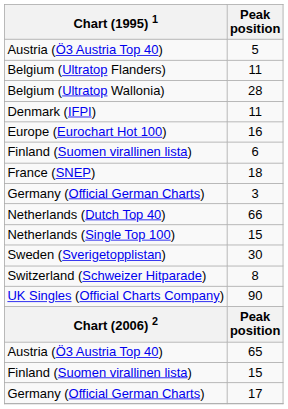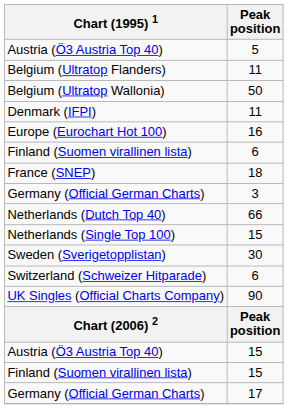 <table class="wikitable sortable">
 <tr>
 <th>Chart (1995) <sup>1</sup></th>
 <th>Peak<br>position</th>
 </tr>
 <tr>
 <td>Austria (<a href='#'>Ö3 Austria Top 40</a>)</td>
 <td align="center">5</td>
 </tr>
 <tr>
 <td>Belgium (<a href='#'>Ultratop</a> Flanders)</td>
 <td align="center">11</td>
 </tr>
 <tr>
 <td>Belgium (<a href='#'>Ultratop</a> Wallonia)</td>
-<td align="center">28</td>
+<td align="center">50</td>
 </tr>
 <tr>
 <td>Denmark (<a href='#'>IFPI</a>)</td>
 <td align="center">11</td>
 </tr>
 <tr>
 <td>Europe (<a href='#'>Eurochart Hot 100</a>)</td>
 <td align="center">16</td>
 </tr>
 <tr>
 <td>Finland (<a href='#'>Suomen virallinen lista</a>)</td>
 <td align="center">6</td>
 </tr>
 <tr>
 <td>France (<a href='#'>SNEP</a>)</td>
 <td align="center">18</td>
 </tr>
 <tr>
 <td>Germany (<a href='#'>Official German Charts</a>)</td>
 <td align="center">3</td>
 </tr>
 <tr>
 <td>Netherlands (<a href='#'>Dutch Top 40</a>)</td>
 <td align="center">66</td>
 </tr>
 <tr>
 <td>Netherlands (<a href='#'>Single Top 100</a>)</td>
 <td align="center">15</td>
 </tr>
 <tr>
 <td>Sweden (<a href='#'>Sverigetopplistan</a>)</td>
 <td align="center">30</td>
 </tr>
 <tr>
 <td>Switzerland (<a href='#'>Schweizer Hitparade</a>)</td>
-<td align="center">8</td>
+<td align="center">6</td>
 </tr>
 <tr>
 <td><a href='#'>UK Singles</a> (<a href='#'>Official Charts Company</a>)</td>
 <td align="center">90</td>
 </tr>
 <tr>
 <th>Chart (2006) <sup>2</sup></th>
 <th>Peak<br>position</th>
 </tr>
 <tr>
 <td>Austria (<a href='#'>Ö3 Austria Top 40</a>)</td>
-<td align="center">65</td>
+<td align="center">15</td>
 </tr>
 <tr>
 <td>Finland (<a href='#'>Suomen virallinen lista</a>)</td>
 <td align="center">15</td>
 </tr>
 <tr>
 <td>Germany (<a href='#'>Official German Charts</a>)</td>
 <td align="center">17</td>
 </tr>
 <tr>
 </tr>
 </table>
